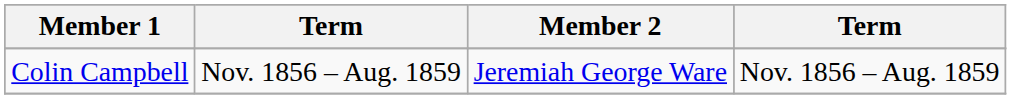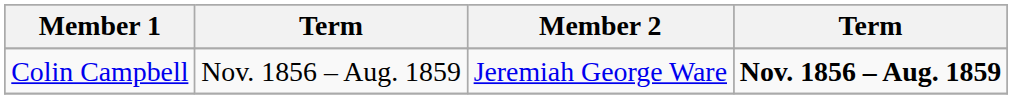 <table class="wikitable">
 <tr>
 <th>Member 1</th>
 <th>Term</th>
 <th>Member 2</th>
 <th>Term</th>
 </tr>
 <tr>
 </tr>
 <tr>
 <td><a href='#'>Colin Campbell</a></td>
 <td>Nov. 1856 – Aug. 1859</td>
 <td><a href='#'>Jeremiah George Ware</a></td>
-<td>Nov. 1856 – Aug. 1859</td>
+<td><strong>Nov. 1856 – Aug. 1859</strong></td>
 </tr>
 <tr>
 </tr>
 </table>
